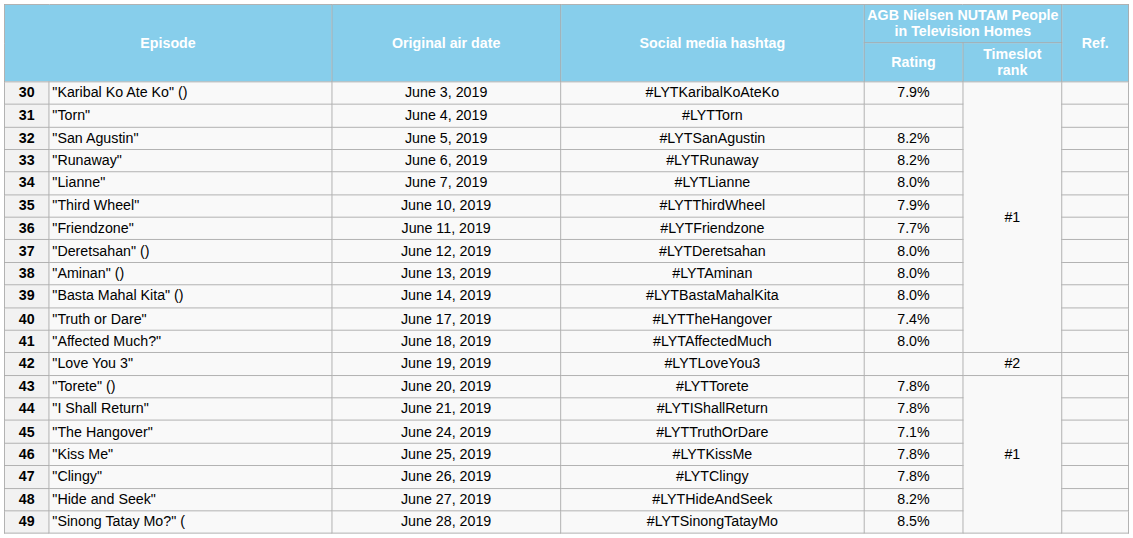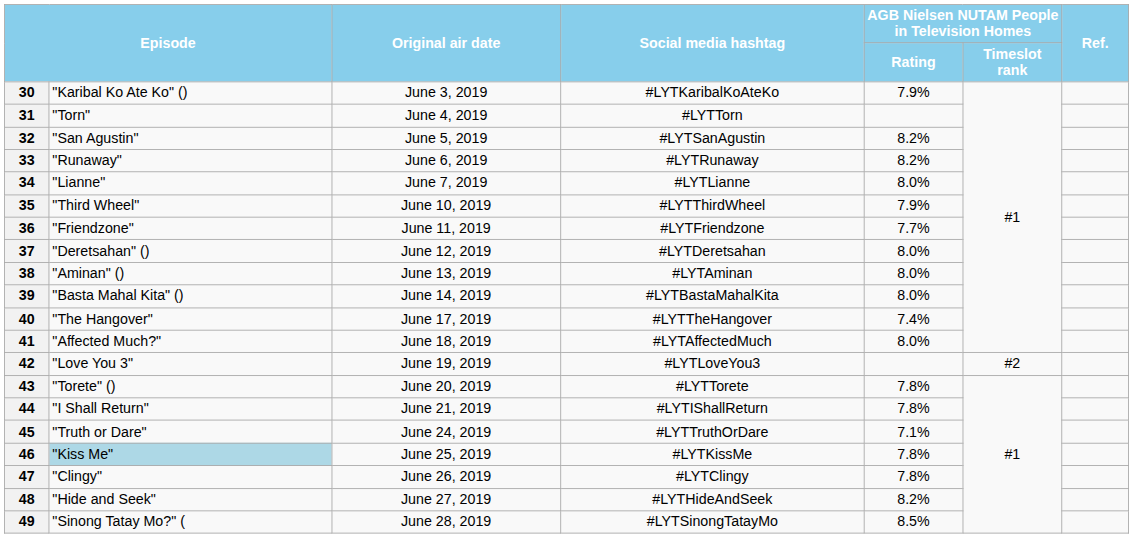 <table class="wikitable" style="text-align:center; font-size:100%; line-height:18px;" width="100%">
 <tr>
 <th style="background-color:#87CEEB; color:#ffffff;" colspan="2" rowspan="2">Episode</th>
 <th style="background-color:#87CEEB; color:white" rowspan="2">Original air date</th>
 <th style="background-color:#87CEEB; color:white" rowspan="2">Social media hashtag</th>
 <th style="background-color:#87CEEB; color:#ffffff;" colspan="2">AGB Nielsen NUTAM People in Television Homes</th>
 <th style="background-color:#87CEEB; color:#ffffff;" rowspan="2">Ref.</th>
 </tr>
 <tr>
 <th style="background-color:#87CEEB; width:75px; color:#ffffff;">Rating</th>
 <th style="background-color:#87CEEB; width:75px; color:#ffffff;">Timeslot<br>rank</th>
 </tr>
 <tr>
 <th>30</th>
 <td style="text-align: left;">"Karibal Ko Ate Ko" ()</td>
 <td>June 3, 2019</td>
 <td>#LYTKaribalKoAteKo</td>
 <td>7.9%</td>
 <td rowspan="12">#1</td>
 <td></td>
 </tr>
 <tr>
 <th>31</th>
 <td style="text-align: left;">"Torn"</td>
 <td>June 4, 2019</td>
 <td>#LYTTorn</td>
 <td></td>
 <td></td>
 </tr>
 <tr>
 <th>32</th>
 <td style="text-align: left;">"San Agustin"</td>
 <td>June 5, 2019</td>
 <td>#LYTSanAgustin</td>
 <td>8.2%</td>
 <td></td>
 </tr>
 <tr>
 <th>33</th>
 <td style="text-align: left;">"Runaway"</td>
 <td>June 6, 2019</td>
 <td>#LYTRunaway</td>
 <td>8.2%</td>
 <td></td>
 </tr>
 <tr>
 <th>34</th>
 <td style="text-align: left;">"Lianne"</td>
 <td>June 7, 2019</td>
 <td>#LYTLianne</td>
 <td>8.0%</td>
 <td></td>
 </tr>
 <tr>
 <th>35</th>
 <td style="text-align: left;">"Third Wheel"</td>
 <td>June 10, 2019</td>
 <td>#LYTThirdWheel</td>
 <td>7.9%</td>
 <td></td>
 </tr>
 <tr>
 <th>36</th>
 <td style="text-align: left;">"Friendzone"</td>
 <td>June 11, 2019</td>
 <td>#LYTFriendzone</td>
 <td>7.7%</td>
 <td></td>
 </tr>
 <tr>
 <th>37</th>
 <td style="text-align: left;">"Deretsahan" ()</td>
 <td>June 12, 2019</td>
 <td>#LYTDeretsahan</td>
 <td>8.0%</td>
 <td></td>
 </tr>
 <tr>
 <th>38</th>
 <td style="text-align: left;">"Aminan" ()</td>
 <td>June 13, 2019</td>
 <td>#LYTAminan</td>
 <td>8.0%</td>
 <td></td>
 </tr>
 <tr>
 <th>39</th>
 <td style="text-align: left;">"Basta Mahal Kita" ()</td>
 <td>June 14, 2019</td>
 <td>#LYTBastaMahalKita</td>
 <td>8.0%</td>
 <td></td>
 </tr>
 <tr>
 <th>40</th>
-<td style="text-align: left;">"Truth or Dare"</td>
+<td style="text-align: left;">"The Hangover"</td>
 <td>June 17, 2019</td>
 <td>#LYTTheHangover</td>
 <td>7.4%</td>
 <td></td>
 </tr>
 <tr>
 <th>41</th>
 <td style="text-align: left;">"Affected Much?"</td>
 <td>June 18, 2019</td>
 <td>#LYTAffectedMuch</td>
 <td>8.0%</td>
 <td></td>
 </tr>
 <tr>
 <th>42</th>
 <td style="text-align: left;">"Love You 3"</td>
 <td>June 19, 2019</td>
 <td>#LYTLoveYou3</td>
 <td></td>
 <td>#2</td>
 <td></td>
 </tr>
 <tr>
 <th>43</th>
 <td style="text-align: left;">"Torete" ()</td>
 <td>June 20, 2019</td>
 <td>#LYTTorete</td>
 <td>7.8%</td>
 <td rowspan="7">#1</td>
 <td></td>
 </tr>
 <tr>
 <th>44</th>
 <td style="text-align: left;">"I Shall Return"</td>
 <td>June 21, 2019</td>
 <td>#LYTIShallReturn</td>
 <td>7.8%</td>
 <td></td>
 </tr>
 <tr>
 <th>45</th>
-<td style="text-align: left;">"The Hangover"</td>
+<td style="text-align: left;">"Truth or Dare"</td>
 <td>June 24, 2019</td>
 <td>#LYTTruthOrDare</td>
 <td>7.1%</td>
 <td></td>
 </tr>
 <tr>
 <th>46</th>
-<td style="text-align: left;">"Kiss Me"</td>
+<td style="background: lightblue; text-align: left;">"Kiss Me"</td>
 <td>June 25, 2019</td>
 <td>#LYTKissMe</td>
 <td>7.8%</td>
 <td></td>
 </tr>
 <tr>
 <th>47</th>
 <td style="text-align: left;">"Clingy"</td>
 <td>June 26, 2019</td>
 <td>#LYTClingy</td>
 <td>7.8%</td>
 <td></td>
 </tr>
 <tr>
 <th>48</th>
 <td style="text-align: left;">"Hide and Seek"</td>
 <td>June 27, 2019</td>
 <td>#LYTHideAndSeek</td>
 <td>8.2%</td>
 <td></td>
 </tr>
 <tr>
 <th>49</th>
 <td style="text-align: left;">"Sinong Tatay Mo?" (</td>
 <td>June 28, 2019</td>
 <td>#LYTSinongTatayMo</td>
 <td>8.5%</td>
 <td></td>
 </tr>
 </table>
